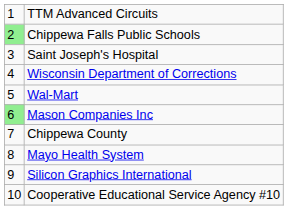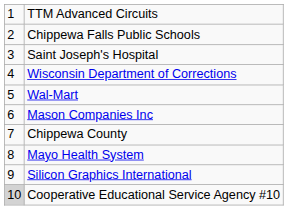 <table class="wikitable" |- ! # !! Employer Name>
 <tr>
 <td>1</td>
 <td>TTM Advanced Circuits</td>
 </tr>
 <tr>
-<td style="background: lightgreen;">2</td>
+<td>2</td>
 <td>Chippewa Falls Public Schools</td>
 </tr>
 <tr>
 <td>3</td>
 <td>Saint Joseph's Hospital</td>
 </tr>
 <tr>
 <td>4</td>
 <td><a href='#'>Wisconsin Department of Corrections</a></td>
 </tr>
 <tr>
 <td>5</td>
 <td><a href='#'>Wal-Mart</a></td>
 </tr>
 <tr>
-<td style="background: lightgreen;">6</td>
+<td>6</td>
 <td><a href='#'>Mason Companies Inc</a></td>
 </tr>
 <tr>
 <td>7</td>
 <td>Chippewa County</td>
 </tr>
 <tr>
 <td>8</td>
 <td><a href='#'>Mayo Health System</a></td>
 </tr>
 <tr>
 <td>9</td>
 <td><a href='#'>Silicon Graphics International</a></td>
 </tr>
 <tr>
-<td>10</td>
+<td style="background: lightgrey;">10</td>
 <td>Cooperative Educational Service Agency #10</td>
 </tr>
 </table>
